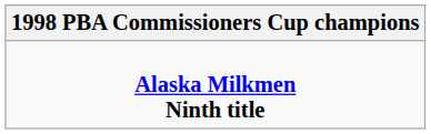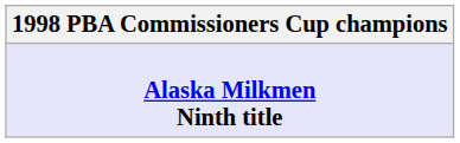 <table class=wikitable style="text-align:center; margin:auto">
 <tr>
 <th>1998 PBA Commissioners Cup champions</th>
 </tr>
 <tr>
-<td><br> <strong><a href='#'>Alaska Milkmen</a></strong> <br> <strong>Ninth title</strong></td>
+<td style="background: lavender;"><br> <strong><a href='#'>Alaska Milkmen</a></strong> <br> <strong>Ninth title</strong></td>
 </tr>
 </table>
